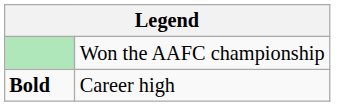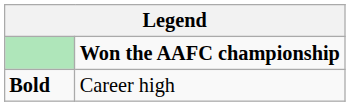 <table class="wikitable mw-collapsible">
 <tr>
 <th colspan="2">Legend</th>
 </tr>
 <tr>
 <td style="background:#afe6ba; width:3em;"></td>
-<td>Won the AAFC championship</td>
+<td><strong>Won the AAFC championship</strong></td>
 </tr>
 <tr>
 <td><strong>Bold</strong></td>
 <td>Career high</td>
 </tr>
 </table>
